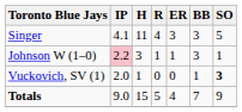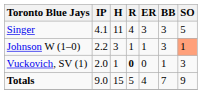 <table class="wikitable sortable">
 <tr>
 <th>Toronto Blue Jays</th>
 <th>IP</th>
 <th>H</th>
 <th>R</th>
 <th>ER</th>
 <th>BB</th>
 <th>SO</th>
 </tr>
 <tr>
 <td><a href='#'>Singer</a></td>
 <td>4.1</td>
 <td>11</td>
 <td>4</td>
 <td>3</td>
 <td>3</td>
 <td>5</td>
 </tr>
 <tr>
 <td><a href='#'>Johnson</a> W (1–0)</td>
-<td style="background: pink;">2.2</td>
+<td>2.2</td>
 <td>3</td>
 <td>1</td>
 <td>1</td>
 <td>3</td>
-<td>1</td>
+<td style="background: lightsalmon;">1</td>
 </tr>
 <tr>
 <td><a href='#'>Vuckovich</a>, SV (1)</td>
 <td>2.0</td>
 <td>1</td>
-<td>0</td>
+<td><strong>0</strong></td>
 <td>0</td>
 <td>1</td>
-<td><strong>3</strong></td>
+<td>3</td>
 </tr>
 <tr>
 <td><strong>Totals</strong></td>
 <td>9.0</td>
 <td>15</td>
 <td>5</td>
 <td>4</td>
 <td>7</td>
 <td>9</td>
 </tr>
 <tr>
 </tr>
 </table>
